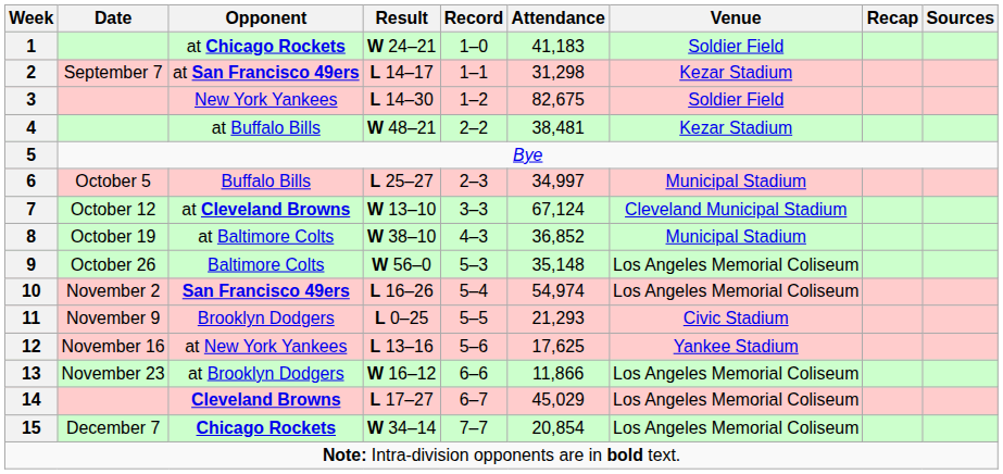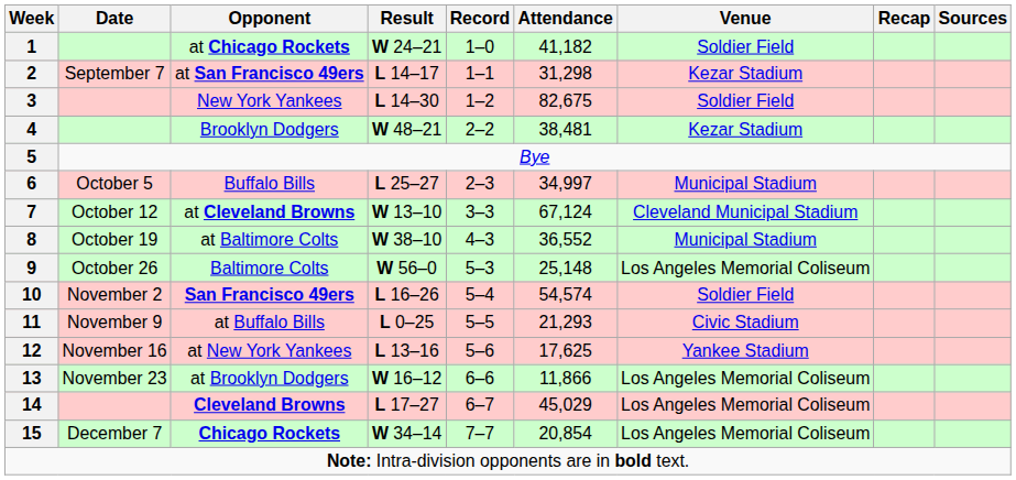 <table class="wikitable" style="text-align:center">
 <tr>
 <th>Week</th>
 <th>Date</th>
 <th>Opponent</th>
 <th>Result</th>
 <th>Record</th>
 <th>Attendance</th>
 <th>Venue</th>
 <th>Recap</th>
 <th>Sources</th>
 </tr>
 <tr style="background:#cfc">
 <th>1</th>
 <td></td>
 <td>at <strong><a href='#'>Chicago Rockets</a></strong></td>
 <td><strong>W</strong> 24–21</td>
 <td>1–0</td>
-<td>41,183</td>
+<td>41,182</td>
 <td><a href='#'>Soldier Field</a></td>
 <td></td>
 <td></td>
 </tr>
 <tr style="background:#fcc">
 <th>2</th>
 <td>September 7</td>
 <td>at <strong><a href='#'>San Francisco 49ers</a></strong></td>
 <td><strong>L</strong> 14–17</td>
 <td>1–1</td>
 <td>31,298</td>
 <td><a href='#'>Kezar Stadium</a></td>
 <td></td>
 <td></td>
 </tr>
 <tr style="background:#fcc">
 <th>3</th>
 <td></td>
 <td><a href='#'>New York Yankees</a></td>
 <td><strong>L</strong> 14–30</td>
 <td>1–2</td>
 <td>82,675</td>
 <td><a href='#'>Soldier Field</a></td>
 <td></td>
 <td></td>
 </tr>
 <tr style="background:#cfc">
 <th>4</th>
 <td></td>
-<td>at <a href='#'>Buffalo Bills</a></td>
+<td><a href='#'>Brooklyn Dodgers</a></td>
 <td><strong>W</strong> 48–21</td>
 <td>2–2</td>
 <td>38,481</td>
 <td><a href='#'>Kezar Stadium</a></td>
 <td></td>
 <td></td>
 </tr>
 <tr>
 <th>5</th>
 <td colspan=8 align=center><em><a href='#'>Bye</a></em></td>
 </tr>
 <tr style="background:#fcc">
 <th>6</th>
 <td>October 5</td>
 <td><a href='#'>Buffalo Bills</a></td>
 <td><strong>L</strong> 25–27</td>
 <td>2–3</td>
 <td>34,997</td>
 <td><a href='#'>Municipal Stadium</a></td>
 <td></td>
 <td></td>
 </tr>
 <tr style="background:#cfc">
 <th>7</th>
 <td>October 12</td>
 <td>at <strong><a href='#'>Cleveland Browns</a></strong></td>
 <td><strong>W</strong> 13–10</td>
 <td>3–3</td>
 <td>67,124</td>
 <td><a href='#'>Cleveland Municipal Stadium</a></td>
 <td></td>
 <td></td>
 </tr>
 <tr style="background:#cfc">
 <th>8</th>
 <td>October 19</td>
 <td>at <a href='#'>Baltimore Colts</a></td>
 <td><strong>W</strong> 38–10</td>
 <td>4–3</td>
-<td>36,852</td>
+<td>36,552</td>
 <td><a href='#'>Municipal Stadium</a></td>
 <td></td>
 <td></td>
 </tr>
 <tr style="background:#cfc">
 <th>9</th>
 <td>October 26</td>
 <td><a href='#'>Baltimore Colts</a></td>
 <td><strong>W</strong> 56–0</td>
 <td>5–3</td>
-<td>35,148</td>
+<td>25,148</td>
 <td>Los Angeles Memorial Coliseum</td>
 <td></td>
 <td></td>
 </tr>
 <tr style="background:#fcc">
 <th>10</th>
 <td>November 2</td>
 <td><strong><a href='#'>San Francisco 49ers</a></strong></td>
 <td><strong>L</strong> 16–26</td>
 <td>5–4</td>
-<td>54,974</td>
-<td>Los Angeles Memorial Coliseum</td>
+<td>54,574</td>
+<td><a href='#'>Soldier Field</a></td>
 <td></td>
 <td></td>
 </tr>
 <tr style="background:#fcc">
 <th>11</th>
 <td>November 9</td>
-<td><a href='#'>Brooklyn Dodgers</a></td>
+<td>at <a href='#'>Buffalo Bills</a></td>
 <td><strong>L</strong> 0–25</td>
 <td>5–5</td>
 <td>21,293</td>
 <td><a href='#'>Civic Stadium</a></td>
 <td></td>
 <td></td>
 </tr>
 <tr style="background:#fcc">
 <th>12</th>
 <td>November 16</td>
 <td>at <a href='#'>New York Yankees</a></td>
 <td><strong>L</strong> 13–16</td>
 <td>5–6</td>
 <td>17,625</td>
 <td><a href='#'>Yankee Stadium</a></td>
 <td></td>
 <td></td>
 </tr>
 <tr style="background:#cfc">
 <th>13</th>
 <td>November 23</td>
 <td>at <a href='#'>Brooklyn Dodgers</a></td>
 <td><strong>W</strong> 16–12</td>
 <td>6–6</td>
 <td>11,866</td>
 <td>Los Angeles Memorial Coliseum</td>
 <td></td>
 <td></td>
 </tr>
 <tr style="background:#fcc">
 <th>14</th>
 <td></td>
 <td><strong><a href='#'>Cleveland Browns</a></strong></td>
 <td><strong>L</strong> 17–27</td>
 <td>6–7</td>
 <td>45,029</td>
 <td>Los Angeles Memorial Coliseum</td>
 <td></td>
 <td></td>
 </tr>
 <tr style="background:#cfc">
 <th>15</th>
 <td>December 7</td>
 <td><strong><a href='#'>Chicago Rockets</a></strong></td>
 <td><strong>W</strong> 34–14</td>
 <td>7–7</td>
 <td>20,854</td>
 <td>Los Angeles Memorial Coliseum</td>
 <td></td>
 <td></td>
 </tr>
 <tr>
 <td colspan="9"><strong>Note:</strong> Intra-division opponents are in <strong>bold</strong> text.</td>
 </tr>
 </table>
